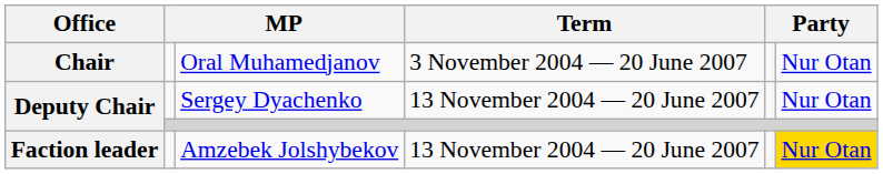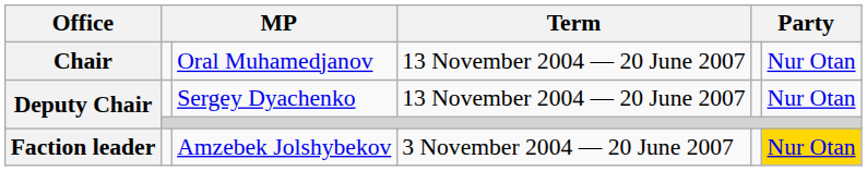 <table class="wikitable">
 <tr>
 <th>Office</th>
 <th colspan="2">MP</th>
 <th>Term</th>
 <th colspan="2">Party</th>
 </tr>
 <tr>
 <th>Chair</th>
 <td style="background-color:"></td>
 <td><a href='#'>Oral Muhamedjanov</a></td>
-<td>3 November 2004 — 20 June 2007</td>
+<td>13 November 2004 — 20 June 2007</td>
 <td style="background-color:"></td>
 <td><a href='#'>Nur Otan</a></td>
 </tr>
 <tr>
 <th rowspan="2">Deputy Chair</th>
 <td style="background-color:"></td>
 <td><a href='#'>Sergey Dyachenko</a></td>
 <td>13 November 2004 — 20 June 2007</td>
 <td style="background-color:"></td>
 <td><a href='#'>Nur Otan</a></td>
 </tr>
 <tr>
 <td bgcolor="lightgrey" colspan="7"></td>
 </tr>
 <tr>
 <th rowspan="5">Faction leader</th>
 <td style="background-color:"></td>
 <td><a href='#'>Amzebek Jolshybekov</a></td>
-<td>13 November 2004 — 20 June 2007</td>
+<td>3 November 2004 — 20 June 2007</td>
 <td style="background-color:"></td>
 <td style="background: gold;"><a href='#'>Nur Otan</a></td>
 </tr>
 </table>
